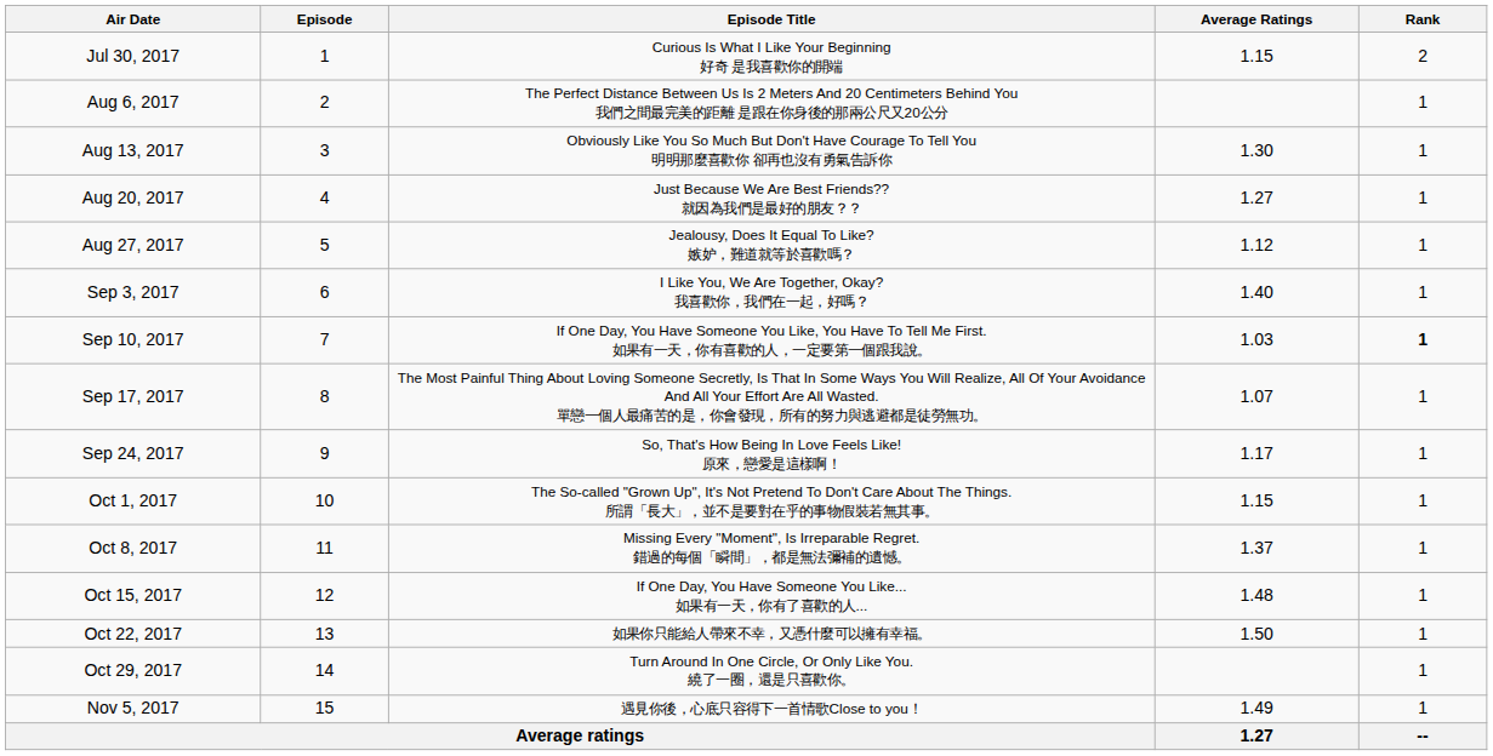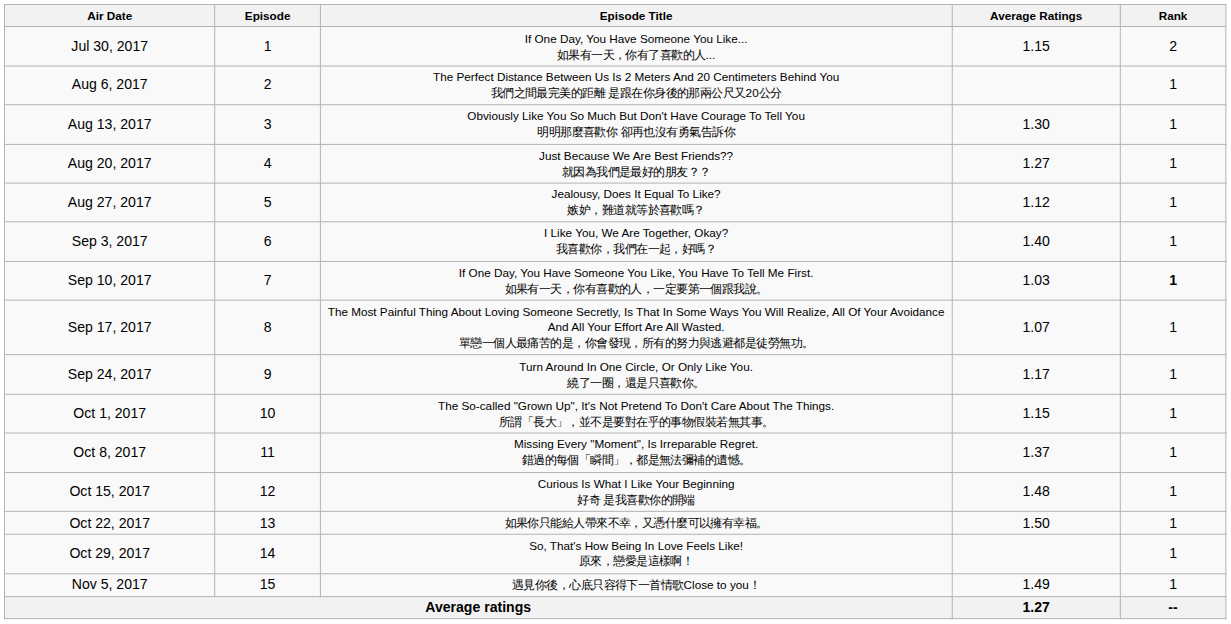 <table class="wikitable" style="text-align:center;width:70%;">
 <tr>
 <th width="10%"><small><strong>Air Date</strong></small></th>
 <th width="5%"><small><strong>Episode</strong></small></th>
 <th width="30%"><small>Episode Title</small></th>
 <th width="8%"><small><strong>Average Ratings</strong></small></th>
 <th width="5%"><small><strong>Rank</strong></small></th>
 </tr>
 <tr>
 <td>Jul 30, 2017</td>
 <td>1</td>
-<td><small>Curious Is What I Like Your Beginning<br>好奇 是我喜歡你的開端</small></td>
+<td><small>If One Day, You Have Someone You Like...<br>如果有一天，你有了喜歡的人...</small></td>
 <td>1.15</td>
 <td>2</td>
 </tr>
 <tr>
 <td>Aug 6, 2017</td>
 <td>2</td>
 <td><small>The Perfect Distance Between Us Is 2 Meters And 20 Centimeters Behind You<br>我們之間最完美的距離 是跟在你身後的那兩公尺又20公分</small></td>
 <td><strong></strong></td>
 <td>1</td>
 </tr>
 <tr>
 <td>Aug 13, 2017</td>
 <td>3</td>
 <td><small>Obviously Like You So Much But Don't Have Courage To Tell You<br>明明那麼喜歡你 卻再也沒有勇氣告訴你</small></td>
 <td>1.30</td>
 <td>1</td>
 </tr>
 <tr>
 <td>Aug 20, 2017</td>
 <td>4</td>
 <td><small>Just Because We Are Best Friends??<br>就因為我們是最好的朋友？？</small></td>
 <td>1.27</td>
 <td>1</td>
 </tr>
 <tr>
 <td>Aug 27, 2017</td>
 <td>5</td>
 <td><small>Jealousy, Does It Equal To Like?<br>嫉妒，難道就等於喜歡嗎？</small></td>
 <td>1.12</td>
 <td>1</td>
 </tr>
 <tr>
 <td>Sep 3, 2017</td>
 <td>6</td>
 <td><small>I Like You, We Are Together, Okay?<br>我喜歡你，我們在一起，好嗎？</small></td>
 <td>1.40</td>
 <td>1</td>
 </tr>
 <tr>
 <td>Sep 10, 2017</td>
 <td>7</td>
 <td><small>If One Day, You Have Someone You Like, You Have To Tell Me First.<br>如果有一天，你有喜歡的人，一定要第一個跟我說。</small></td>
 <td>1.03</td>
 <td><strong>1</strong></td>
 </tr>
 <tr>
 <td>Sep 17, 2017</td>
 <td>8</td>
 <td><small>The Most Painful Thing About Loving Someone Secretly, Is That In Some Ways You Will Realize, All Of Your Avoidance And All Your Effort Are All Wasted.<br>單戀一個人最痛苦的是，你會發現，所有的努力與逃避都是徒勞無功。</small></td>
 <td>1.07</td>
 <td>1</td>
 </tr>
 <tr>
 <td>Sep 24, 2017</td>
 <td>9</td>
-<td><small>So, That's How Being In Love Feels Like!<br>原來，戀愛是這樣啊！</small></td>
+<td><small>Turn Around In One Circle, Or Only Like You.<br>繞了一圈，還是只喜歡你。</small></td>
 <td>1.17</td>
 <td>1</td>
 </tr>
 <tr>
 <td>Oct 1, 2017</td>
 <td>10</td>
 <td><small>The So-called "Grown Up", It's Not Pretend To Don't Care About The Things.<br>所謂「長大」，並不是要對在乎的事物假裝若無其事。</small></td>
 <td>1.15</td>
 <td>1</td>
 </tr>
 <tr>
 <td>Oct 8, 2017</td>
 <td>11</td>
 <td><small>Missing Every "Moment", Is Irreparable Regret.<br>錯過的每個「瞬間」，都是無法彌補的遺憾。</small></td>
 <td>1.37</td>
 <td>1</td>
 </tr>
 <tr>
 <td>Oct 15, 2017</td>
 <td>12</td>
-<td><small>If One Day, You Have Someone You Like...<br>如果有一天，你有了喜歡的人...</small></td>
+<td><small>Curious Is What I Like Your Beginning<br>好奇 是我喜歡你的開端</small></td>
 <td>1.48</td>
 <td>1</td>
 </tr>
 <tr>
 <td>Oct 22, 2017</td>
 <td>13</td>
 <td><small>如果你只能給人帶來不幸，又憑什麼可以擁有幸福。</small></td>
 <td>1.50</td>
 <td>1</td>
 </tr>
 <tr>
 <td>Oct 29, 2017</td>
 <td>14</td>
-<td><small>Turn Around In One Circle, Or Only Like You.<br>繞了一圈，還是只喜歡你。</small></td>
+<td><small>So, That's How Being In Love Feels Like!<br>原來，戀愛是這樣啊！</small></td>
 <td><strong></strong></td>
 <td>1</td>
 </tr>
 <tr>
 <td>Nov 5, 2017</td>
 <td>15</td>
 <td><small> 遇見你後，心底只容得下一首情歌Close to you！</small></td>
 <td>1.49</td>
 <td>1</td>
 </tr>
 <tr>
 <th colspan="3"><strong>Average ratings</strong></th>
 <th>1.27</th>
 <th>--</th>
 </tr>
 </table>
